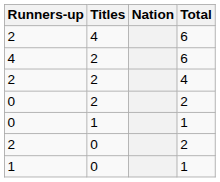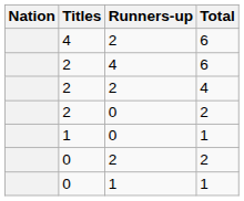 <table class="wikitable plainrowheaders sortable">
 <tr>
+<th scope="col">Nation</th>
+<th scope="col">Titles</th>
 <th scope="col">Runners-up</th>
-<th scope="col">Titles</th>
-<th scope="col">Nation</th>
 <th scope="col">Total</th>
 </tr>
 <tr>
+<th scope="row" align=left></th>
+<td>4</td>
 <td>2</td>
-<td>4</td>
-<th scope="row" align=left></th>
 <td>6</td>
 </tr>
 <tr>
+<th scope="row" align=left></th>
+<td>2</td>
 <td>4</td>
-<td>2</td>
-<th scope="row" align=left></th>
 <td>6</td>
 </tr>
 <tr>
+<th scope="row" align=left></th>
 <td>2</td>
 <td>2</td>
-<th scope="row" align=left></th>
 <td>4</td>
 </tr>
 <tr>
+<th scope="row" align=left></th>
+<td>2</td>
 <td>0</td>
-<td>2</td>
-<th scope="row" align=left></th>
 <td>2</td>
 </tr>
 <tr>
+<th scope="row" align=left></th>
+<td>1</td>
 <td>0</td>
-<td>1</td>
-<th scope="row" align=left></th>
 <td>1</td>
 </tr>
 <tr>
+<th scope="row" align=left></th>
+<td>0</td>
 <td>2</td>
-<td>0</td>
-<th scope="row" align=left></th>
 <td>2</td>
 </tr>
 <tr>
+<th scope="row" align=left></th>
+<td>0</td>
 <td>1</td>
-<td>0</td>
-<th scope="row" align=left></th>
 <td>1</td>
 </tr>
 </table>
